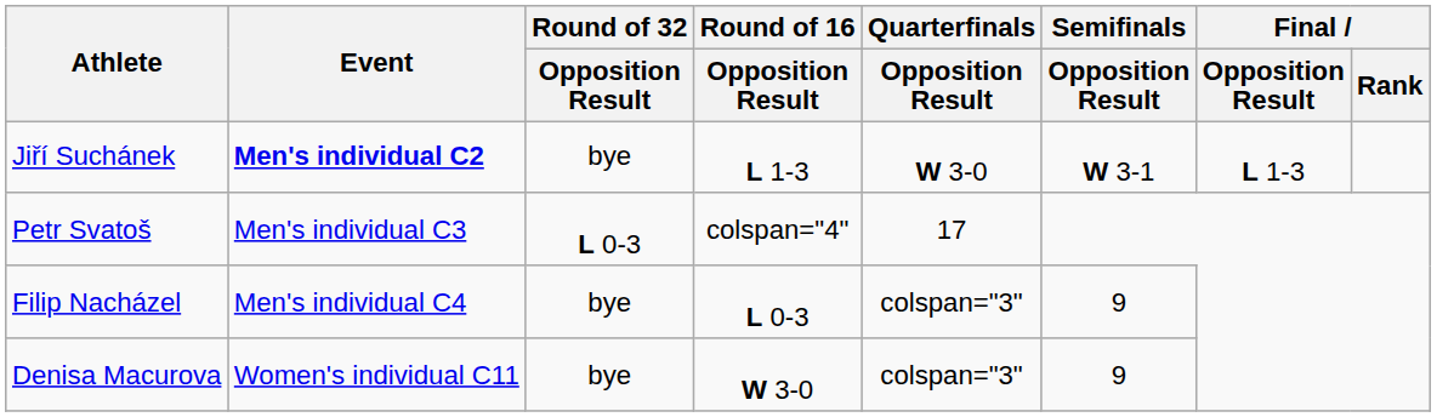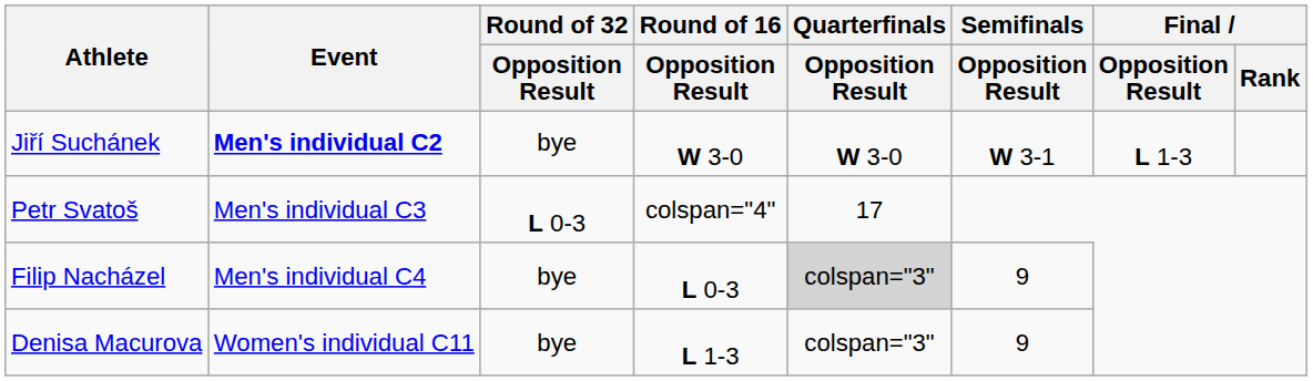 <table class=wikitable style="font-size:90%">
 <tr align=center>
 <th rowspan="2">Athlete</th>
 <th rowspan="2">Event</th>
 <th>Round of 32</th>
 <th>Round of 16</th>
 <th>Quarterfinals</th>
 <th>Semifinals</th>
 <th colspan="2">Final / </th>
 </tr>
 <tr>
 <th>Opposition<br>Result</th>
 <th>Opposition<br>Result</th>
 <th>Opposition<br>Result</th>
 <th>Opposition<br>Result</th>
 <th>Opposition<br>Result</th>
 <th>Rank</th>
 </tr>
 <tr align=center>
 <td align=left><a href='#'>Jiří Suchánek</a></td>
 <td align=left><strong><a href='#'>Men's individual C2</a></strong></td>
 <td>bye</td>
-<td><br><strong>L</strong> 1-3</td>
+<td><br><strong>W</strong> 3-0</td>
 <td><br><strong>W</strong> 3-0</td>
 <td><br><strong>W</strong> 3-1</td>
 <td><br><strong>L</strong> 1-3</td>
 <td></td>
 </tr>
 <tr align=center>
 <td align=left><a href='#'>Petr Svatoš</a></td>
 <td align=left><a href='#'>Men's individual C3</a></td>
 <td><br><strong>L</strong> 0-3</td>
 <td>colspan="4" </td>
 <td>17</td>
 </tr>
 <tr align=center>
 <td align=left><a href='#'>Filip Nacházel</a></td>
 <td align=left><a href='#'>Men's individual C4</a></td>
 <td>bye</td>
 <td><br><strong>L</strong> 0-3</td>
-<td>colspan="3" </td>
+<td style="background: lightgrey;">colspan="3" </td>
 <td>9</td>
 </tr>
 <tr align=center>
 <td align=left><a href='#'>Denisa Macurova</a></td>
 <td align=left><a href='#'>Women's individual C11</a></td>
 <td>bye</td>
-<td><br><strong>W</strong> 3-0</td>
+<td><br><strong>L</strong> 1-3</td>
 <td>colspan="3" </td>
 <td>9</td>
 </tr>
 </table>
